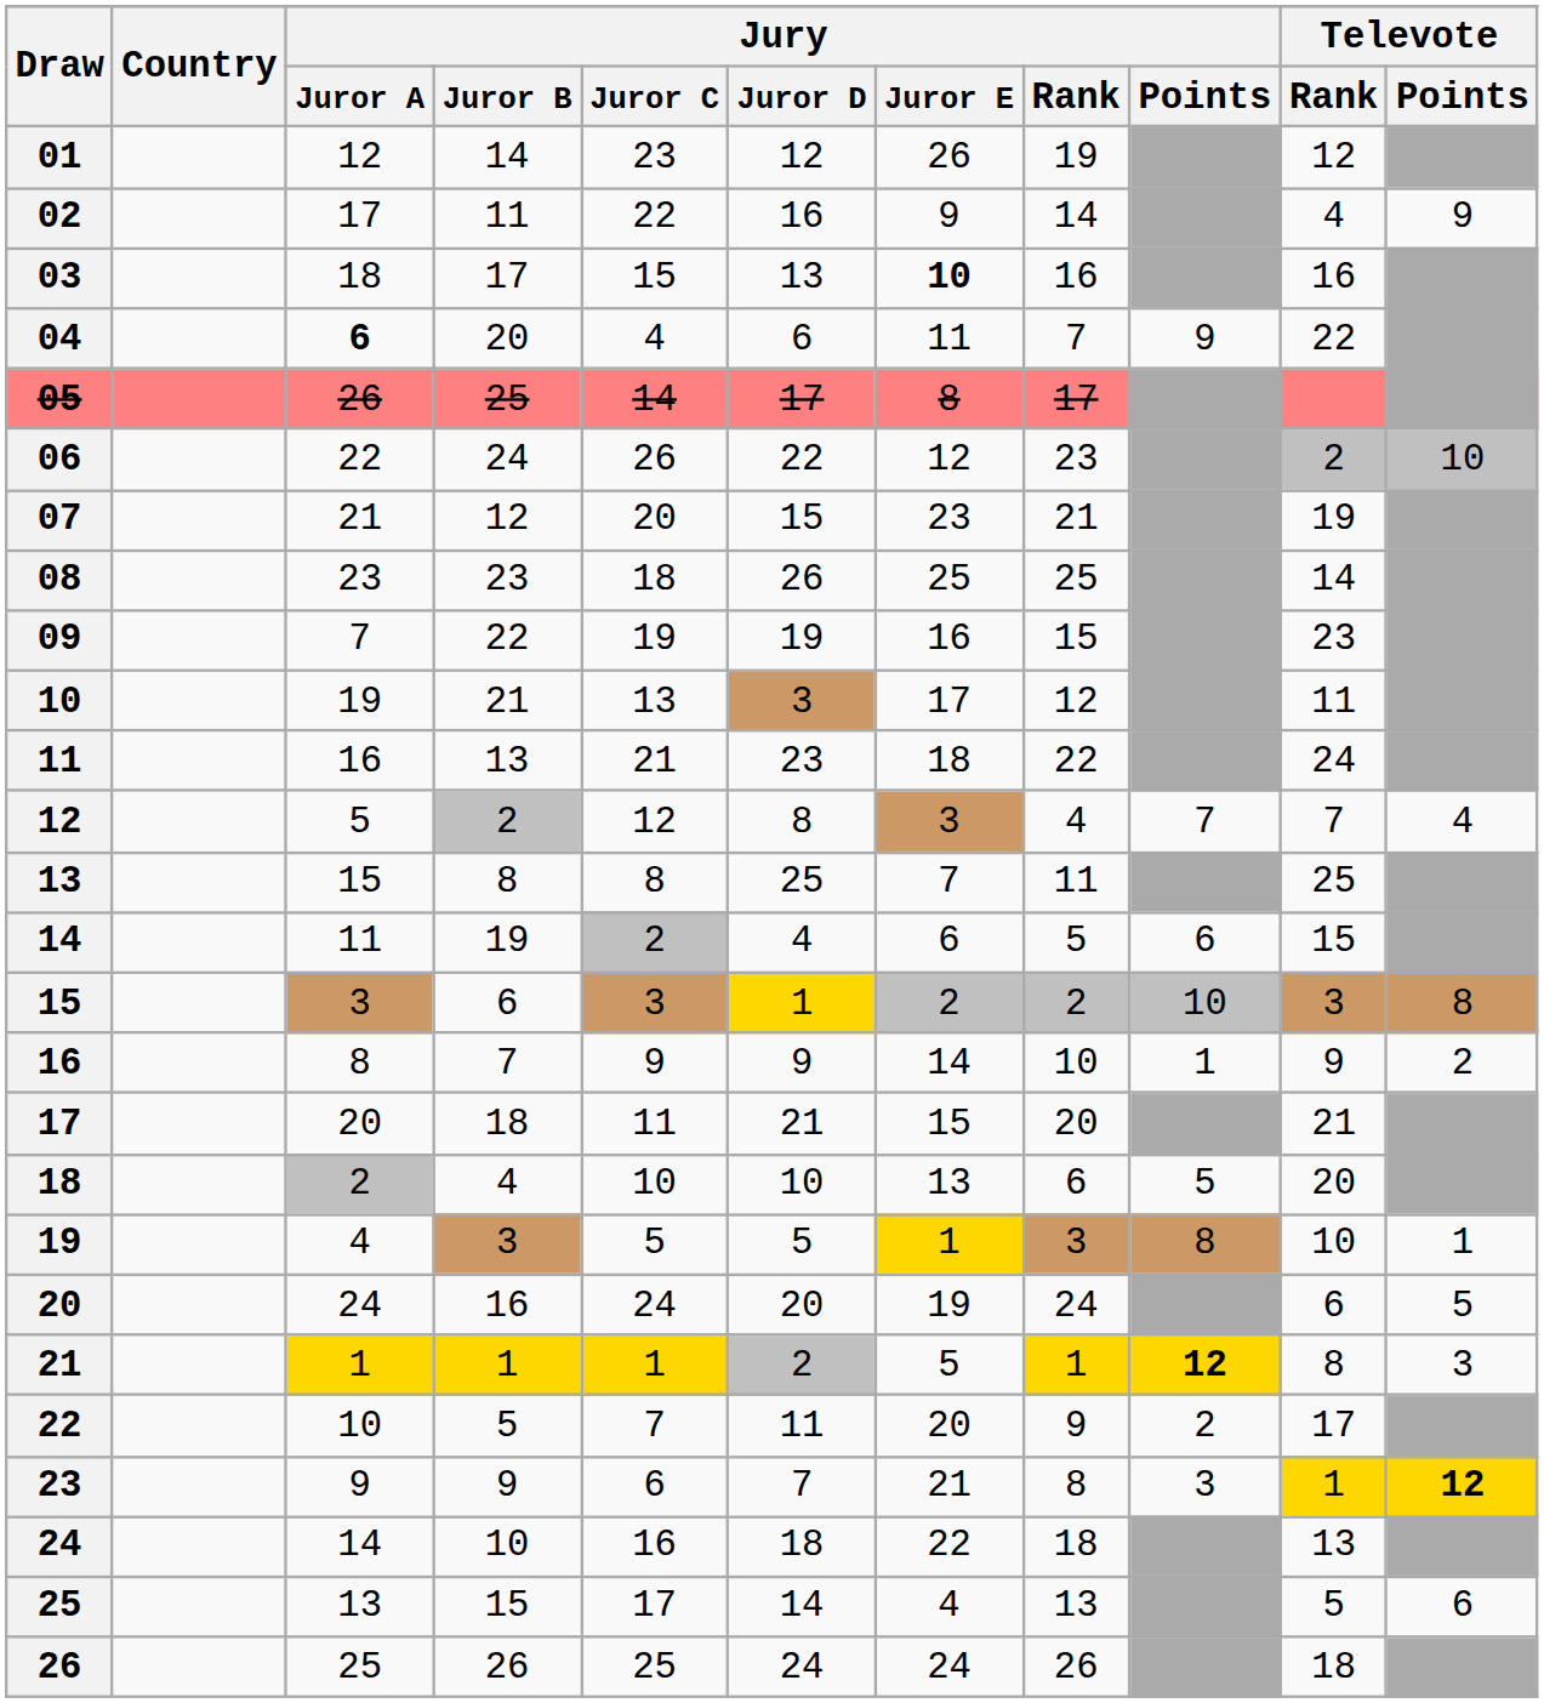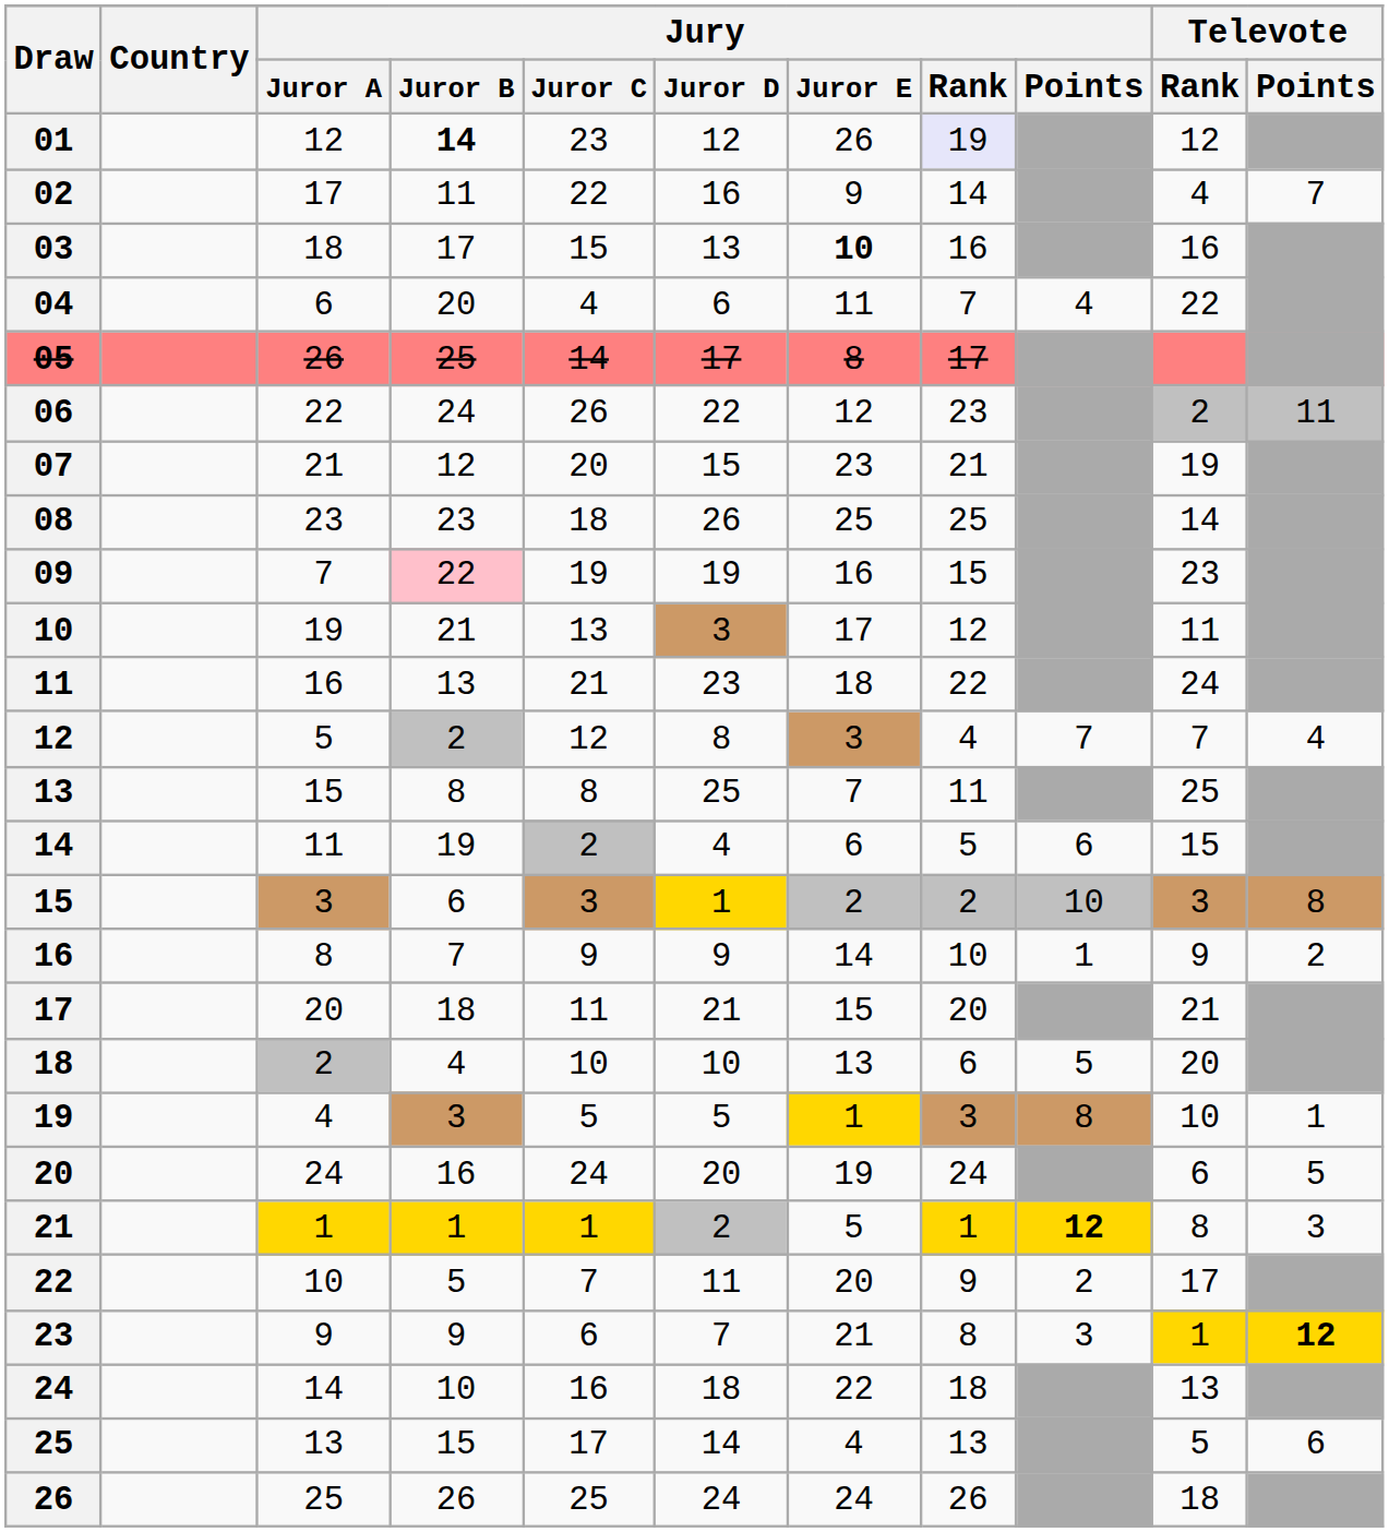 <table class="sortable wikitable collapsible plainrowheaders" style="text-align:center;">
 <tr>
 </tr>
 <tr>
 <th scope="col" rowspan="2">Draw</th>
 <th scope="col" rowspan="2">Country</th>
 <th scope="col" colspan="7">Jury</th>
 <th scope="col" colspan="2">Televote</th>
 </tr>
 <tr>
 <th scope="col"><small>Juror A</small></th>
 <th scope="col"><small>Juror B</small></th>
 <th scope="col"><small>Juror C</small></th>
 <th scope="col"><small>Juror D</small></th>
 <th scope="col"><small>Juror E</small></th>
 <th scope="col">Rank</th>
 <th scope="col" class="unsortable">Points</th>
 <th scope="col">Rank</th>
 <th scope="col" class="unsortable">Points</th>
 </tr>
 <tr>
 <th scope="row" style="text-align:center;">01</th>
 <td style="text-align:left;"></td>
 <td>12</td>
-<td>14</td>
+<td><strong>14</strong></td>
 <td>23</td>
 <td>12</td>
 <td>26</td>
-<td>19</td>
+<td style="background: lavender;">19</td>
 <td style="background:#AAAAAA;"></td>
 <td>12</td>
 <td style="background:#AAAAAA;"></td>
 </tr>
 <tr>
 <th scope="row" style="text-align:center;">02</th>
 <td style="text-align:left;"></td>
 <td>17</td>
 <td>11</td>
 <td>22</td>
 <td>16</td>
 <td>9</td>
 <td>14</td>
 <td style="background:#AAAAAA;"></td>
 <td>4</td>
-<td>9</td>
+<td>7</td>
 </tr>
 <tr>
 <th scope="row" style="text-align:center;">03</th>
 <td style="text-align:left;"></td>
 <td>18</td>
 <td>17</td>
 <td>15</td>
 <td>13</td>
 <td><strong>10</strong></td>
 <td>16</td>
 <td style="background:#AAAAAA;"></td>
 <td>16</td>
 <td style="background:#AAAAAA;"></td>
 </tr>
 <tr>
 <th scope="row" style="text-align:center;">04</th>
 <td style="text-align:left;"></td>
-<td><strong>6</strong></td>
+<td>6</td>
 <td>20</td>
 <td>4</td>
 <td>6</td>
 <td>11</td>
 <td>7</td>
-<td>9</td>
+<td>4</td>
 <td>22</td>
 <td style="background:#AAAAAA;"></td>
 </tr>
 <tr style="background:#FE8080">
 <th scope="row" style="text-align:center; background:#FE8080"><s>05</s></th>
 <td style="text-align:left;"><s></s> </td>
 <td><s>26</s></td>
 <td><s>25</s></td>
 <td><s>14</s></td>
 <td><s>17</s></td>
 <td><s>8</s></td>
 <td><s>17</s></td>
 <td style="background:#AAAAAA;"></td>
 <td></td>
 <td style="background:#AAAAAA;"></td>
 </tr>
 <tr>
 <th scope="row" style="text-align:center;">06</th>
 <td style="text-align:left;"></td>
 <td>22</td>
 <td>24</td>
 <td>26</td>
 <td>22</td>
 <td>12</td>
 <td>23</td>
 <td style="background:#AAAAAA;"></td>
 <td style="background:silver;">2</td>
-<td style="background:silver;">10</td>
+<td style="background:silver;">11</td>
 </tr>
 <tr>
 <th scope="row" style="text-align:center;">07</th>
 <td style="text-align:left;"></td>
 <td>21</td>
 <td>12</td>
 <td>20</td>
 <td>15</td>
 <td>23</td>
 <td>21</td>
 <td style="background:#AAAAAA;"></td>
 <td>19</td>
 <td style="background:#AAAAAA;"></td>
 </tr>
 <tr>
 <th scope="row" style="text-align:center;">08</th>
 <td style="text-align:left;"></td>
 <td>23</td>
 <td>23</td>
 <td>18</td>
 <td>26</td>
 <td>25</td>
 <td>25</td>
 <td style="background:#AAAAAA;"></td>
 <td>14</td>
 <td style="background:#AAAAAA;"></td>
 </tr>
 <tr>
 <th scope="row" style="text-align:center;">09</th>
 <td style="text-align:left;"></td>
 <td>7</td>
-<td>22</td>
+<td style="background: pink;">22</td>
 <td>19</td>
 <td>19</td>
 <td>16</td>
 <td>15</td>
 <td style="background:#AAAAAA;"></td>
 <td>23</td>
 <td style="background:#AAAAAA;"></td>
 </tr>
 <tr>
 <th scope="row" style="text-align:center;">10</th>
 <td style="text-align:left;"></td>
 <td>19</td>
 <td>21</td>
 <td>13</td>
 <td style="background:#CC9966;">3</td>
 <td>17</td>
 <td>12</td>
 <td style="background:#AAAAAA;"></td>
 <td>11</td>
 <td style="background:#AAAAAA;"></td>
 </tr>
 <tr>
 <th scope="row" style="text-align:center;">11</th>
 <td style="text-align:left;"></td>
 <td>16</td>
 <td>13</td>
 <td>21</td>
 <td>23</td>
 <td>18</td>
 <td>22</td>
 <td style="background:#AAAAAA;"></td>
 <td>24</td>
 <td style="background:#AAAAAA;"></td>
 </tr>
 <tr>
 <th scope="row" style="text-align:center;">12</th>
 <td style="text-align:left;"></td>
 <td>5</td>
 <td style="background:silver;">2</td>
 <td>12</td>
 <td>8</td>
 <td style="background:#CC9966;">3</td>
 <td>4</td>
 <td>7</td>
 <td>7</td>
 <td>4</td>
 </tr>
 <tr>
 <th scope="row" style="text-align:center;">13</th>
 <td style="text-align:left;"></td>
 <td>15</td>
 <td>8</td>
 <td>8</td>
 <td>25</td>
 <td>7</td>
 <td>11</td>
 <td style="background:#AAAAAA;"></td>
 <td>25</td>
 <td style="background:#AAAAAA;"></td>
 </tr>
 <tr>
 <th scope="row" style="text-align:center;">14</th>
 <td style="text-align:left;"></td>
 <td>11</td>
 <td>19</td>
 <td style="background:silver;">2</td>
 <td>4</td>
 <td>6</td>
 <td>5</td>
 <td>6</td>
 <td>15</td>
 <td style="background:#AAAAAA;"></td>
 </tr>
 <tr>
 <th scope="row" style="text-align:center;">15</th>
 <td style="text-align:left;"></td>
 <td style="background:#CC9966;">3</td>
 <td>6</td>
 <td style="background:#CC9966;">3</td>
 <td style="background:gold;">1</td>
 <td style="background:silver;">2</td>
 <td style="background:silver;">2</td>
 <td style="background:silver;">10</td>
 <td style="background:#CC9966;">3</td>
 <td style="background:#CC9966;">8</td>
 </tr>
 <tr>
 <th scope="row" style="text-align:center;">16</th>
 <td style="text-align:left;"></td>
 <td>8</td>
 <td>7</td>
 <td>9</td>
 <td>9</td>
 <td>14</td>
 <td>10</td>
 <td>1</td>
 <td>9</td>
 <td>2</td>
 </tr>
 <tr>
 <th scope="row" style="text-align:center;">17</th>
 <td style="text-align:left;"></td>
 <td>20</td>
 <td>18</td>
 <td>11</td>
 <td>21</td>
 <td>15</td>
 <td>20</td>
 <td style="background:#AAAAAA;"></td>
 <td>21</td>
 <td style="background:#AAAAAA;"></td>
 </tr>
 <tr>
 <th scope="row" style="text-align:center;">18</th>
 <td style="text-align:left;"></td>
 <td style="background:silver;">2</td>
 <td>4</td>
 <td>10</td>
 <td>10</td>
 <td>13</td>
 <td>6</td>
 <td>5</td>
 <td>20</td>
 <td style="background:#AAAAAA;"></td>
 </tr>
 <tr>
 <th scope="row" style="text-align:center;">19</th>
 <td style="text-align:left;"></td>
 <td>4</td>
 <td style="background:#CC9966;">3</td>
 <td>5</td>
 <td>5</td>
 <td style="background:gold;">1</td>
 <td style="background:#CC9966;">3</td>
 <td style="background:#CC9966;">8</td>
 <td>10</td>
 <td>1</td>
 </tr>
 <tr>
 <th scope="row" style="text-align:center;">20</th>
 <td style="text-align:left;"></td>
 <td>24</td>
 <td>16</td>
 <td>24</td>
 <td>20</td>
 <td>19</td>
 <td>24</td>
 <td style="background:#AAAAAA;"></td>
 <td>6</td>
 <td>5</td>
 </tr>
 <tr>
 <th scope="row" style="text-align:center;">21</th>
 <td style="text-align:left;"></td>
 <td style="background:gold;">1</td>
 <td style="background:gold;">1</td>
 <td style="background:gold;">1</td>
 <td style="background:silver;">2</td>
 <td>5</td>
 <td style="background:gold;">1</td>
 <td style="background:gold;"><strong>12</strong></td>
 <td>8</td>
 <td>3</td>
 </tr>
 <tr>
 <th scope="row" style="text-align:center;">22</th>
 <td style="text-align:left;"></td>
 <td>10</td>
 <td>5</td>
 <td>7</td>
 <td>11</td>
 <td>20</td>
 <td>9</td>
 <td>2</td>
 <td>17</td>
 <td style="background:#AAAAAA;"></td>
 </tr>
 <tr>
 <th scope="row" style="text-align:center;">23</th>
 <td style="text-align:left;"></td>
 <td>9</td>
 <td>9</td>
 <td>6</td>
 <td>7</td>
 <td>21</td>
 <td>8</td>
 <td>3</td>
 <td style="background:gold;">1</td>
 <td style="background:gold;"><strong>12</strong></td>
 </tr>
 <tr>
 <th scope="row" style="text-align:center;">24</th>
 <td style="text-align:left;"></td>
 <td>14</td>
 <td>10</td>
 <td>16</td>
 <td>18</td>
 <td>22</td>
 <td>18</td>
 <td style="background:#AAAAAA;"></td>
 <td>13</td>
 <td style="background:#AAAAAA;"></td>
 </tr>
 <tr>
 <th scope="row" style="text-align:center;">25</th>
 <td style="text-align:left;"></td>
 <td>13</td>
 <td>15</td>
 <td>17</td>
 <td>14</td>
 <td>4</td>
 <td>13</td>
 <td style="background:#AAAAAA;"></td>
 <td>5</td>
 <td>6</td>
 </tr>
 <tr>
 <th scope="row" style="text-align:center;">26</th>
 <td style="text-align:left;"></td>
 <td>25</td>
 <td>26</td>
 <td>25</td>
 <td>24</td>
 <td>24</td>
 <td>26</td>
 <td style="background:#AAAAAA;"></td>
 <td>18</td>
 <td style="background:#AAAAAA;"></td>
 </tr>
 </table>
